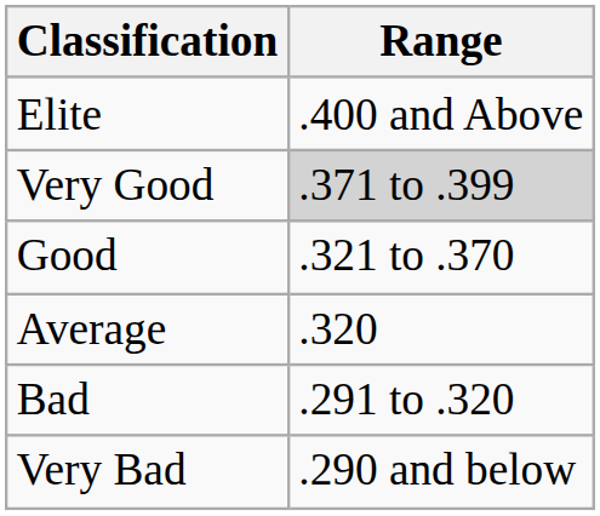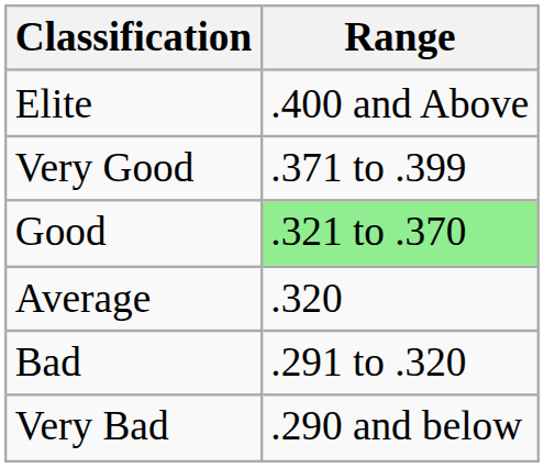 <table class="wikitable">
 <tr>
 <th>Classification</th>
 <th>Range</th>
 </tr>
 <tr>
 <td>Elite</td>
 <td>.400 and Above</td>
 </tr>
 <tr>
 <td>Very Good</td>
-<td style="background: lightgrey;">.371 to .399</td>
+<td>.371 to .399</td>
 </tr>
 <tr>
 <td>Good</td>
-<td>.321 to .370</td>
+<td style="background: lightgreen;">.321 to .370</td>
 </tr>
 <tr>
 <td>Average</td>
 <td>.320</td>
 </tr>
 <tr>
 <td>Bad</td>
 <td>.291 to .320</td>
 </tr>
 <tr>
 <td>Very Bad</td>
 <td>.290 and below</td>
 </tr>
 </table>
